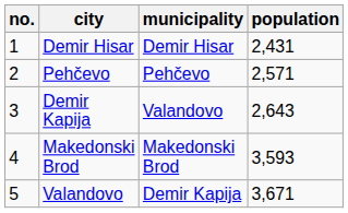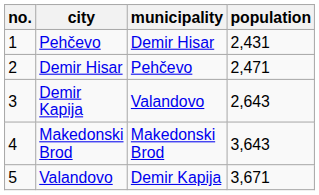 <table class="wikitable sortable" style="font-size:95%;">
 <tr>
 <th width="20px">no.</th>
 <th width="80px">city</th>
 <th width="80px">municipality</th>
 <th width="70px">population</th>
 </tr>
 <tr>
 <td>1</td>
-<td><a href='#'>Demir Hisar</a></td>
+<td><a href='#'>Pehčevo</a></td>
 <td><a href='#'>Demir Hisar</a></td>
 <td>2,431</td>
 </tr>
 <tr>
 <td>2</td>
+<td><a href='#'>Demir Hisar</a></td>
 <td><a href='#'>Pehčevo</a></td>
-<td><a href='#'>Pehčevo</a></td>
-<td>2,571</td>
+<td>2,471</td>
 </tr>
 <tr>
 <td>3</td>
 <td><a href='#'>Demir Kapija</a></td>
 <td><a href='#'>Valandovo</a></td>
 <td>2,643</td>
 </tr>
 <tr>
 <td>4</td>
 <td><a href='#'>Makedonski Brod</a></td>
 <td><a href='#'>Makedonski Brod</a></td>
-<td>3,593</td>
+<td>3,643</td>
 </tr>
 <tr>
 <td>5</td>
 <td><a href='#'>Valandovo</a></td>
 <td><a href='#'>Demir Kapija</a></td>
 <td>3,671</td>
 </tr>
 </table>
